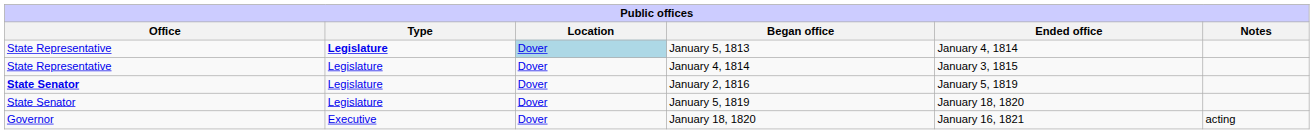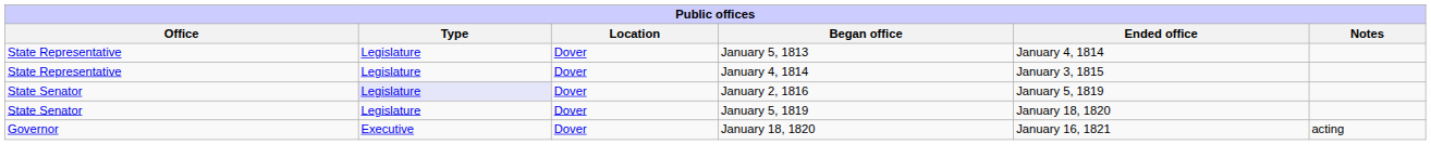 <table class=wikitable style="width: 94%" style="text-align: center;" align="center">
 <tr bgcolor=#cccccc>
 <th colspan=7 style="background: #ccccff;">Public offices</th>
 </tr>
 <tr>
 <th><strong>Office</strong></th>
 <th><strong>Type</strong></th>
 <th><strong>Location</strong></th>
 <th><strong>Began office</strong></th>
 <th><strong>Ended office</strong></th>
 <th><strong>Notes</strong></th>
 </tr>
 <tr>
 <td><a href='#'>State Representative</a></td>
-<td><strong><a href='#'>Legislature</a></strong></td>
-<td style="background: lightblue;"><a href='#'>Dover</a></td>
+<td><a href='#'>Legislature</a></td>
+<td><a href='#'>Dover</a></td>
 <td>January 5, 1813</td>
 <td>January 4, 1814</td>
 <td></td>
 </tr>
 <tr>
 <td><a href='#'>State Representative</a></td>
 <td><a href='#'>Legislature</a></td>
 <td><a href='#'>Dover</a></td>
 <td>January 4, 1814</td>
 <td>January 3, 1815</td>
 <td></td>
 </tr>
 <tr>
-<td><strong><a href='#'>State Senator</a></strong></td>
-<td><a href='#'>Legislature</a></td>
+<td><a href='#'>State Senator</a></td>
+<td style="background: lavender;"><a href='#'>Legislature</a></td>
 <td><a href='#'>Dover</a></td>
 <td>January 2, 1816</td>
 <td>January 5, 1819</td>
 <td></td>
 </tr>
 <tr>
 <td><a href='#'>State Senator</a></td>
 <td><a href='#'>Legislature</a></td>
 <td><a href='#'>Dover</a></td>
 <td>January 5, 1819</td>
 <td>January 18, 1820</td>
 <td></td>
 </tr>
 <tr>
 <td><a href='#'>Governor</a></td>
 <td><a href='#'>Executive</a></td>
 <td><a href='#'>Dover</a></td>
 <td>January 18, 1820</td>
 <td>January 16, 1821</td>
 <td>acting</td>
 </tr>
 </table>
